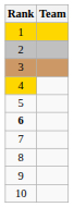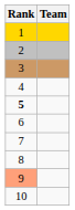 <table class="wikitable" style="margin: 0 auto;">
 <tr>
 <th>Rank</th>
 <th>Team</th>
 </tr>
 <tr bgcolor=gold>
 <td align=center>1</td>
 <td align=center></td>
 </tr>
 <tr bgcolor=silver>
 <td align=center>2</td>
 <td align=center></td>
 </tr>
 <tr bgcolor="#cc9966">
 <td align=center>3</td>
 <td align=center></td>
 </tr>
 <tr>
-<td align=center style="background: gold;">4</td>
+<td align=center>4</td>
 <td align=center></td>
 </tr>
 <tr>
-<td align=center>5</td>
+<td align=center><strong>5</strong></td>
 <td align=center></td>
 </tr>
 <tr>
-<td align=center><strong>6</strong></td>
+<td align=center>6</td>
 <td align=center></td>
 </tr>
 <tr>
 <td align=center>7</td>
 <td align=center></td>
 </tr>
 <tr>
 <td align=center>8</td>
 <td align=center></td>
 </tr>
 <tr>
-<td align=center>9</td>
+<td align=center style="background: lightsalmon;">9</td>
 <td align=center></td>
 </tr>
 <tr>
 <td align=center>10</td>
 <td align=center></td>
 </tr>
 </table>
